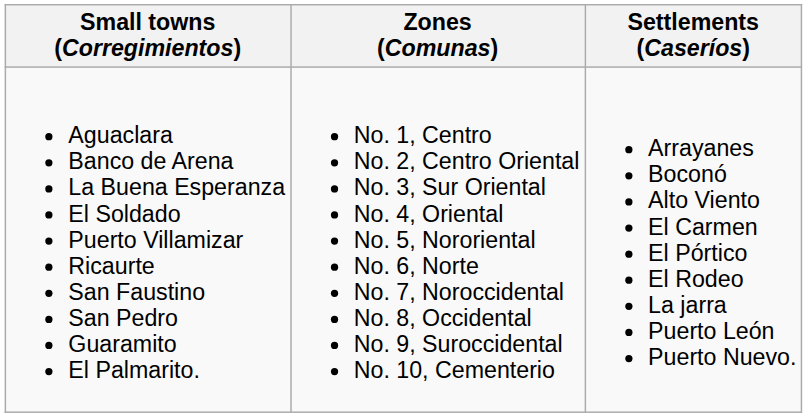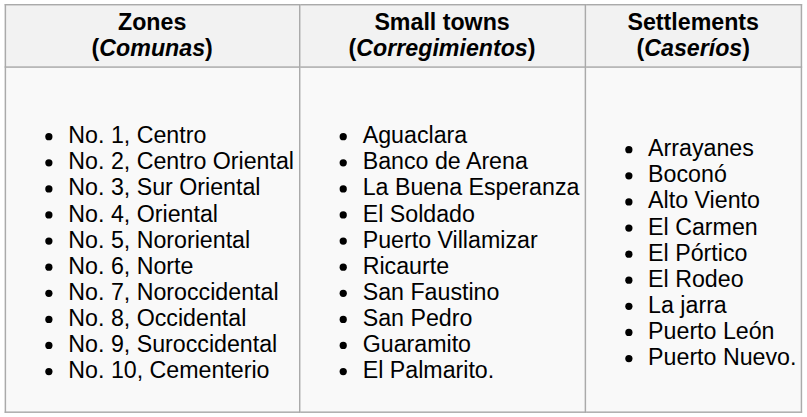 <table class="wikitable" style="margin:auto;">
 <tr>
+<th>Zones<br>(<em>Comunas</em>)</th>
 <th>Small towns<br>(<em>Corregimientos</em>)</th>
-<th>Zones<br>(<em>Comunas</em>)</th>
 <th>Settlements<br>(<em>Caseríos</em>)</th>
 </tr>
 <tr>
+<td><br><ul><li>No. 1, Centro</li><li>No. 2, Centro Oriental</li><li>No. 3, Sur Oriental</li><li>No. 4, Oriental</li><li>No. 5, Nororiental</li><li>No. 6, Norte</li><li>No. 7, Noroccidental</li><li>No. 8, Occidental</li><li>No. 9, Suroccidental</li><li>No. 10, Cementerio</li></ul></td>
 <td><br><ul><li>Aguaclara</li><li>Banco de Arena</li><li>La Buena Esperanza</li><li>El Soldado</li><li>Puerto Villamizar</li><li>Ricaurte</li><li>San Faustino</li><li>San Pedro</li><li>Guaramito</li><li>El Palmarito.</li></ul></td>
-<td><br><ul><li>No. 1, Centro</li><li>No. 2, Centro Oriental</li><li>No. 3, Sur Oriental</li><li>No. 4, Oriental</li><li>No. 5, Nororiental</li><li>No. 6, Norte</li><li>No. 7, Noroccidental</li><li>No. 8, Occidental</li><li>No. 9, Suroccidental</li><li>No. 10, Cementerio</li></ul></td>
 <td><br><ul><li>Arrayanes</li><li>Boconó</li><li>Alto Viento</li><li>El Carmen</li><li>El Pórtico</li><li>El Rodeo</li><li>La jarra</li><li>Puerto León</li><li>Puerto Nuevo.</li></ul></td>
 </tr>
 </table>
